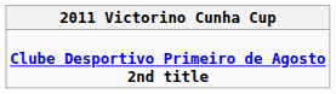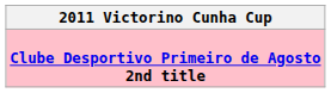 <table class=wikitable style="text-align:center; margin:auto">
 <tr>
 <th>2011 Victorino Cunha Cup</th>
 </tr>
 <tr>
-<td><br><strong><a href='#'>Clube Desportivo Primeiro de Agosto</a></strong><br><strong>2nd title</strong></td>
+<td style="background: pink;"><br><strong><a href='#'>Clube Desportivo Primeiro de Agosto</a></strong><br><strong>2nd title</strong></td>
 </tr>
 </table>
